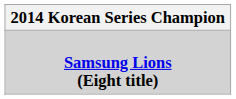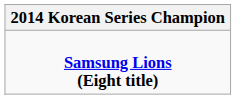 <table width="220" class="wikitable" style="margin:1em auto 1em auto;">
 <tr>
 <th><strong>2014 Korean Series Champion</strong></th>
 </tr>
 <tr align="center">
-<td style="background: lightgrey;"><br><strong><a href='#'>Samsung Lions</a></strong><br><strong>(Eight title)</strong></td>
+<td><br><strong><a href='#'>Samsung Lions</a></strong><br><strong>(Eight title)</strong></td>
 </tr>
 </table>
